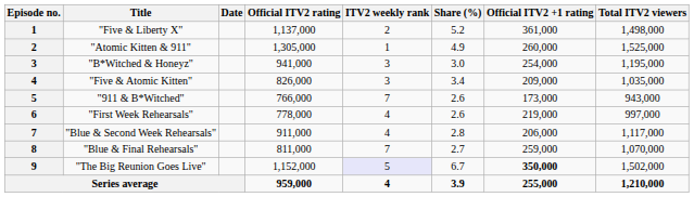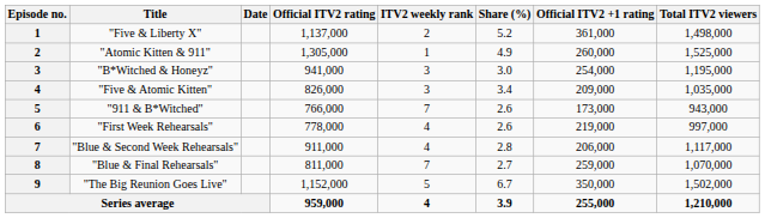 <table class="wikitable sortable" style="text-align:center">
 <tr>
 <th>Episode no.</th>
 <th>Title</th>
 <th>Date</th>
 <th>Official ITV2 rating</th>
 <th>ITV2 weekly rank</th>
 <th>Share (%)</th>
 <th>Official ITV2 +1 rating</th>
 <th>Total ITV2 viewers</th>
 </tr>
 <tr>
 <th scope="row">1</th>
 <td>"Five & Liberty X"</td>
 <td></td>
 <td>1,137,000</td>
 <td>2</td>
 <td>5.2</td>
 <td>361,000</td>
 <td>1,498,000</td>
 </tr>
 <tr>
 <th scope="row">2</th>
 <td>"Atomic Kitten & 911"</td>
 <td></td>
 <td>1,305,000</td>
 <td>1</td>
 <td>4.9</td>
 <td>260,000</td>
 <td>1,525,000</td>
 </tr>
 <tr>
 <th scope="row">3</th>
 <td>"B*Witched & Honeyz"</td>
 <td></td>
 <td>941,000</td>
 <td>3</td>
 <td>3.0</td>
 <td>254,000</td>
 <td>1,195,000</td>
 </tr>
 <tr>
 <th scope="row">4</th>
 <td>"Five & Atomic Kitten"</td>
 <td></td>
 <td>826,000</td>
 <td>3</td>
 <td>3.4</td>
 <td>209,000</td>
 <td>1,035,000</td>
 </tr>
 <tr>
 <th scope="row">5</th>
 <td>"911 & B*Witched"</td>
 <td></td>
 <td>766,000</td>
 <td>7</td>
 <td>2.6</td>
 <td>173,000</td>
 <td>943,000</td>
 </tr>
 <tr>
 <th scope="row">6</th>
 <td>"First Week Rehearsals"</td>
 <td></td>
 <td>778,000</td>
 <td>4</td>
 <td>2.6</td>
 <td>219,000</td>
 <td>997,000</td>
 </tr>
 <tr>
 <th scope="row">7</th>
 <td>"Blue & Second Week Rehearsals"</td>
 <td></td>
 <td>911,000</td>
 <td>4</td>
 <td>2.8</td>
 <td>206,000</td>
 <td>1,117,000</td>
 </tr>
 <tr>
 <th scope="row">8</th>
 <td>"Blue & Final Rehearsals"</td>
 <td></td>
 <td>811,000</td>
 <td>7</td>
 <td>2.7</td>
 <td>259,000</td>
 <td>1,070,000</td>
 </tr>
 <tr>
 <th scope="row">9</th>
 <td>"The Big Reunion Goes Live"</td>
 <td></td>
 <td>1,152,000</td>
-<td style="background: lavender;">5</td>
+<td>5</td>
 <td>6.7</td>
-<td><strong>350,000</strong></td>
+<td>350,000</td>
 <td>1,502,000</td>
 </tr>
 <tr>
 <th colspan="3" scope="row">Series average</th>
 <td><strong>959,000</strong></td>
 <td><strong>4</strong></td>
 <td><strong>3.9</strong></td>
 <td><strong>255,000</strong></td>
 <td><strong>1,210,000</strong></td>
 </tr>
 </table>
